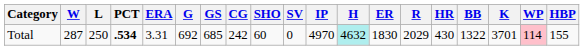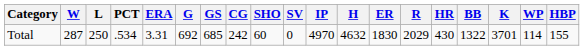 <table class="wikitable">
 <tr>
 <th>Category</th>
 <th><a href='#'>W</a></th>
 <th>L</th>
 <th>PCT</th>
 <th><a href='#'>ERA</a></th>
 <th><a href='#'>G</a></th>
 <th><a href='#'>GS</a></th>
 <th><a href='#'>CG</a></th>
 <th><a href='#'>SHO</a></th>
 <th><a href='#'>SV</a></th>
 <th><a href='#'>IP</a></th>
 <th><a href='#'>H</a></th>
 <th><a href='#'>ER</a></th>
 <th><a href='#'>R</a></th>
 <th><a href='#'>HR</a></th>
 <th><a href='#'>BB</a></th>
 <th><a href='#'>K</a></th>
 <th><a href='#'>WP</a></th>
 <th><a href='#'>HBP</a></th>
 </tr>
 <tr>
 <td>Total</td>
 <td>287</td>
 <td>250</td>
-<td><strong>.534</strong></td>
+<td>.534</td>
 <td>3.31</td>
 <td>692</td>
 <td>685</td>
 <td>242</td>
 <td>60</td>
 <td>0</td>
 <td>4970</td>
-<td style="background: paleturquoise;">4632</td>
+<td>4632</td>
 <td>1830</td>
 <td>2029</td>
 <td>430</td>
 <td>1322</td>
 <td>3701</td>
-<td style="background: pink;">114</td>
+<td>114</td>
 <td>155</td>
 </tr>
 </table>
